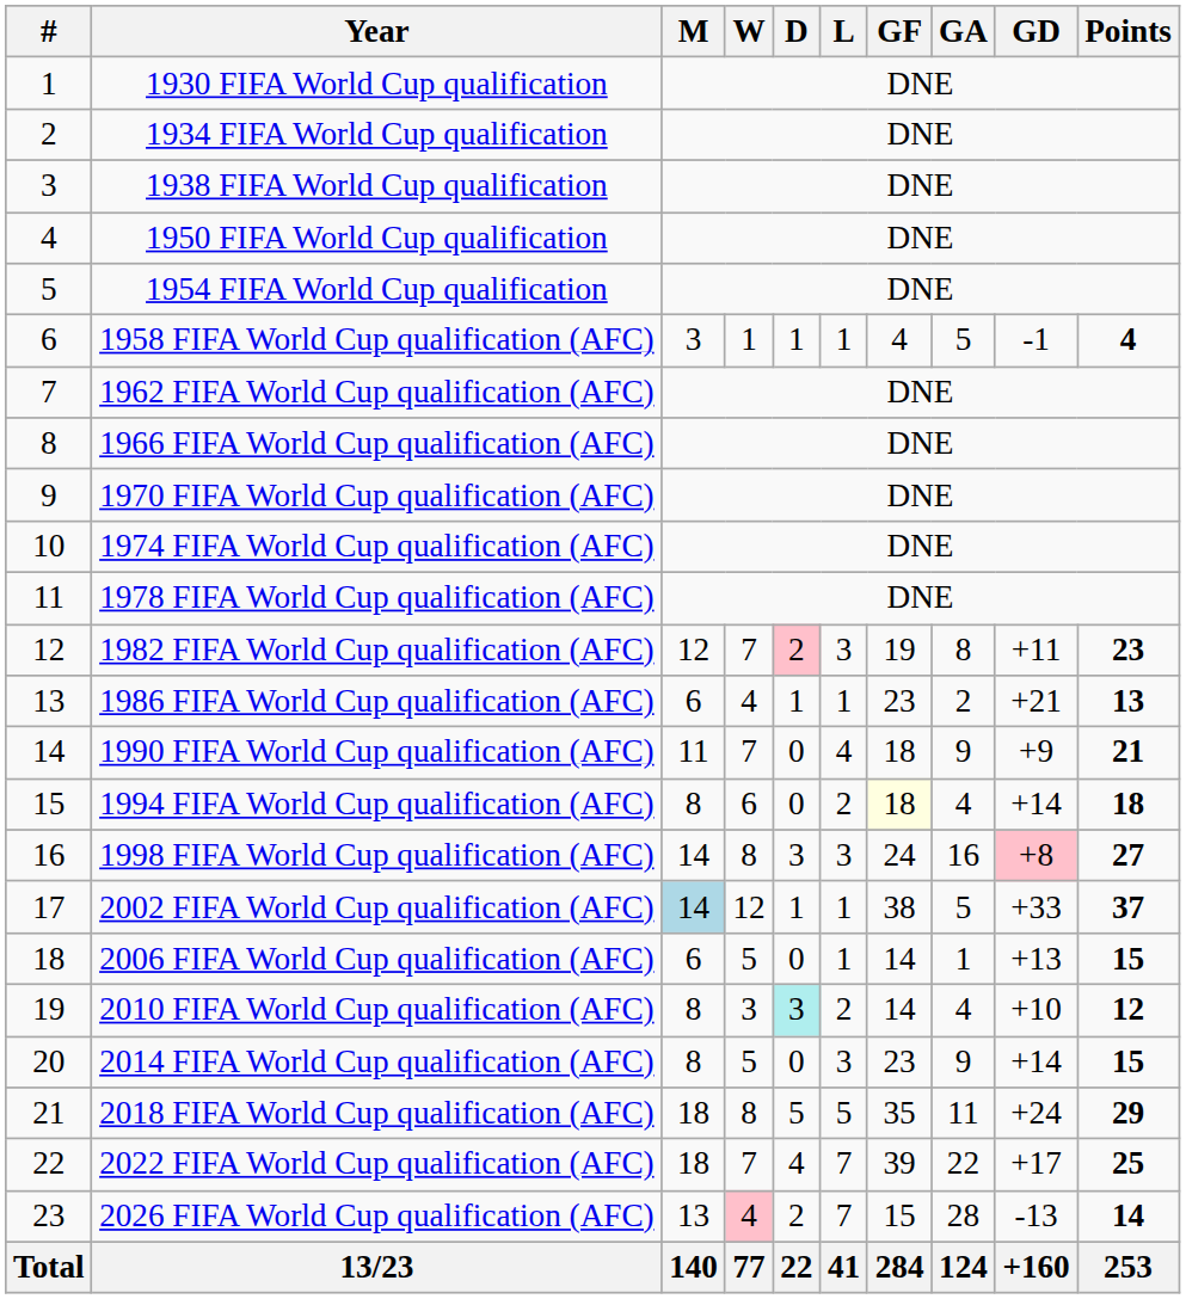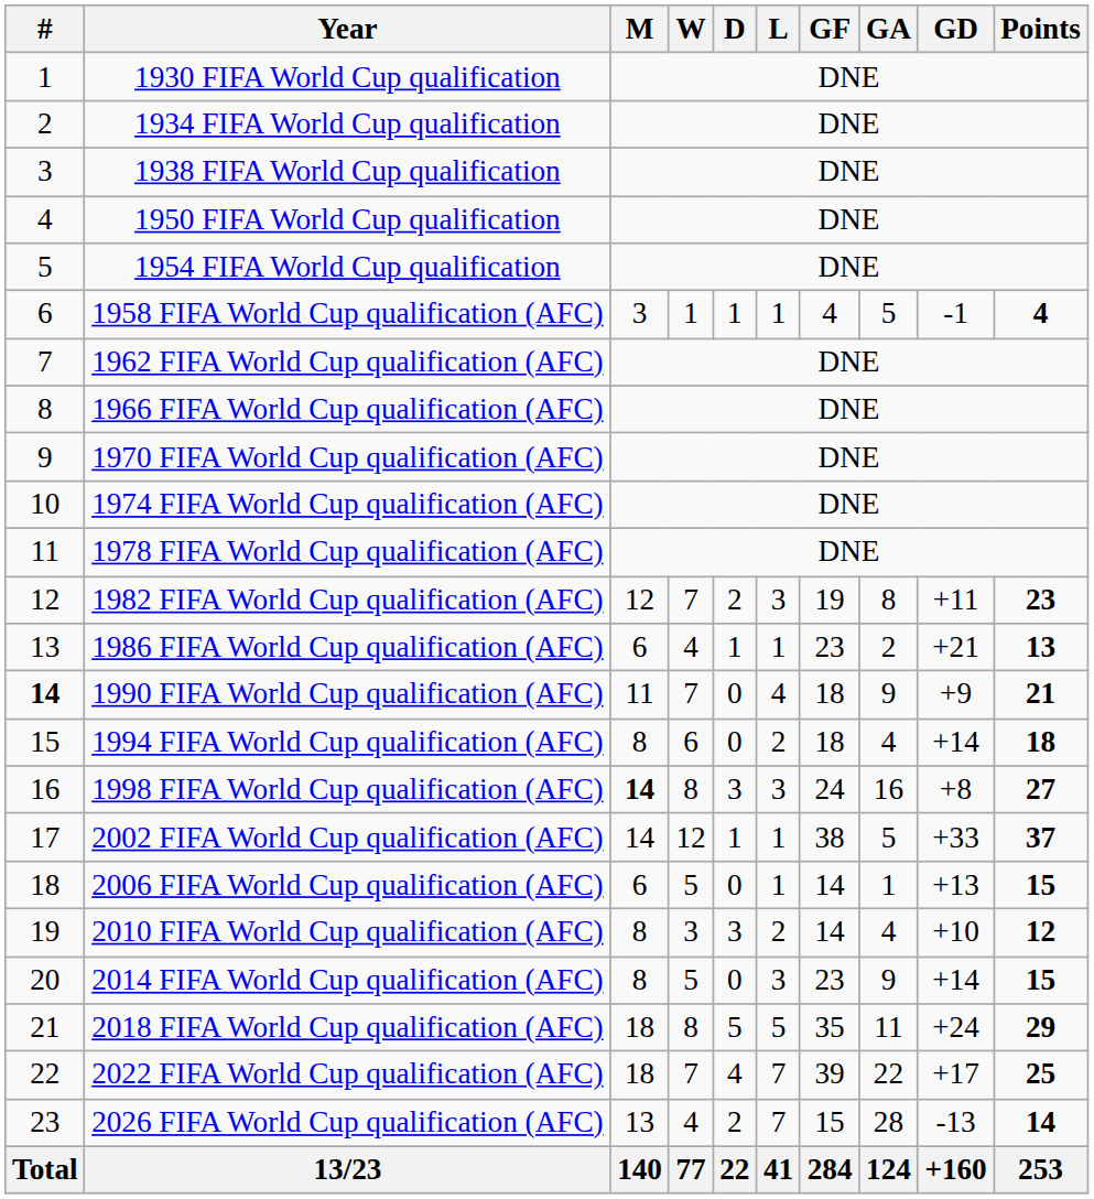 <table class="wikitable sortable" style="text-align:center">
 <tr>
 <th>#</th>
 <th>Year</th>
 <th>M</th>
 <th>W</th>
 <th>D</th>
 <th>L</th>
 <th>GF</th>
 <th>GA</th>
 <th>GD</th>
 <th>Points</th>
 </tr>
 <tr>
 <td>1</td>
 <td><a href='#'>1930 FIFA World Cup qualification</a></td>
 <td colspan=8>DNE</td>
 </tr>
 <tr>
 <td>2</td>
 <td><a href='#'>1934 FIFA World Cup qualification</a></td>
 <td colspan=8>DNE</td>
 </tr>
 <tr>
 <td>3</td>
 <td><a href='#'>1938 FIFA World Cup qualification</a></td>
 <td colspan=8>DNE</td>
 </tr>
 <tr>
 <td>4</td>
 <td><a href='#'>1950 FIFA World Cup qualification</a></td>
 <td colspan=8>DNE</td>
 </tr>
 <tr>
 <td>5</td>
 <td><a href='#'>1954 FIFA World Cup qualification</a></td>
 <td colspan=8>DNE</td>
 </tr>
 <tr>
 <td>6</td>
 <td><a href='#'>1958 FIFA World Cup qualification (AFC)</a></td>
 <td>3</td>
 <td>1</td>
 <td>1</td>
 <td>1</td>
 <td>4</td>
 <td>5</td>
 <td>-1</td>
 <td><strong>4</strong></td>
 </tr>
 <tr>
 <td>7</td>
 <td><a href='#'>1962 FIFA World Cup qualification (AFC)</a></td>
 <td colspan=8>DNE</td>
 </tr>
 <tr>
 <td>8</td>
 <td><a href='#'>1966 FIFA World Cup qualification (AFC)</a></td>
 <td colspan=8>DNE</td>
 </tr>
 <tr>
 <td>9</td>
 <td><a href='#'>1970 FIFA World Cup qualification (AFC)</a></td>
 <td colspan=8>DNE</td>
 </tr>
 <tr>
 <td>10</td>
 <td><a href='#'>1974 FIFA World Cup qualification (AFC)</a></td>
 <td colspan=8>DNE</td>
 </tr>
 <tr>
 <td>11</td>
 <td><a href='#'>1978 FIFA World Cup qualification (AFC)</a></td>
 <td colspan=8>DNE</td>
 </tr>
 <tr>
 <td>12</td>
 <td><a href='#'>1982 FIFA World Cup qualification (AFC)</a></td>
 <td>12</td>
 <td>7</td>
-<td style="background: pink;">2</td>
+<td>2</td>
 <td>3</td>
 <td>19</td>
 <td>8</td>
 <td>+11</td>
 <td><strong>23</strong></td>
 </tr>
 <tr>
 <td>13</td>
 <td><a href='#'>1986 FIFA World Cup qualification (AFC)</a></td>
 <td>6</td>
 <td>4</td>
 <td>1</td>
 <td>1</td>
 <td>23</td>
 <td>2</td>
 <td>+21</td>
 <td><strong>13</strong></td>
 </tr>
 <tr>
-<td>14</td>
+<td><strong>14</strong></td>
 <td><a href='#'>1990 FIFA World Cup qualification (AFC)</a></td>
 <td>11</td>
 <td>7</td>
 <td>0</td>
 <td>4</td>
 <td>18</td>
 <td>9</td>
 <td>+9</td>
 <td><strong>21</strong></td>
 </tr>
 <tr>
 <td>15</td>
 <td><a href='#'>1994 FIFA World Cup qualification (AFC)</a></td>
 <td>8</td>
 <td>6</td>
 <td>0</td>
 <td>2</td>
-<td style="background: lightyellow;">18</td>
+<td>18</td>
 <td>4</td>
 <td>+14</td>
 <td><strong>18</strong></td>
 </tr>
 <tr>
 <td>16</td>
 <td><a href='#'>1998 FIFA World Cup qualification (AFC)</a></td>
-<td>14</td>
+<td><strong>14</strong></td>
 <td>8</td>
 <td>3</td>
 <td>3</td>
 <td>24</td>
 <td>16</td>
-<td style="background: pink;">+8</td>
+<td>+8</td>
 <td><strong>27</strong></td>
 </tr>
 <tr>
 <td>17</td>
 <td><a href='#'>2002 FIFA World Cup qualification (AFC)</a></td>
-<td style="background: lightblue;">14</td>
+<td>14</td>
 <td>12</td>
 <td>1</td>
 <td>1</td>
 <td>38</td>
 <td>5</td>
 <td>+33</td>
 <td><strong>37</strong></td>
 </tr>
 <tr>
 <td>18</td>
 <td><a href='#'>2006 FIFA World Cup qualification (AFC)</a></td>
 <td>6</td>
 <td>5</td>
 <td>0</td>
 <td>1</td>
 <td>14</td>
 <td>1</td>
 <td>+13</td>
 <td><strong>15</strong></td>
 </tr>
 <tr>
 <td>19</td>
 <td><a href='#'>2010 FIFA World Cup qualification (AFC)</a></td>
 <td>8</td>
 <td>3</td>
-<td style="background: paleturquoise;">3</td>
+<td>3</td>
 <td>2</td>
 <td>14</td>
 <td>4</td>
 <td>+10</td>
 <td><strong>12</strong></td>
 </tr>
 <tr>
 <td>20</td>
 <td><a href='#'>2014 FIFA World Cup qualification (AFC)</a></td>
 <td>8</td>
 <td>5</td>
 <td>0</td>
 <td>3</td>
 <td>23</td>
 <td>9</td>
 <td>+14</td>
 <td><strong>15</strong></td>
 </tr>
 <tr>
 <td>21</td>
 <td><a href='#'>2018 FIFA World Cup qualification (AFC)</a></td>
 <td>18</td>
 <td>8</td>
 <td>5</td>
 <td>5</td>
 <td>35</td>
 <td>11</td>
 <td>+24</td>
 <td><strong>29</strong></td>
 </tr>
 <tr>
 <td>22</td>
 <td><a href='#'>2022 FIFA World Cup qualification (AFC)</a></td>
 <td>18</td>
 <td>7</td>
 <td>4</td>
 <td>7</td>
 <td>39</td>
 <td>22</td>
 <td>+17</td>
 <td><strong>25</strong></td>
 </tr>
 <tr>
 <td>23</td>
 <td><a href='#'>2026 FIFA World Cup qualification (AFC)</a></td>
 <td>13</td>
-<td style="background: pink;">4</td>
+<td>4</td>
 <td>2</td>
 <td>7</td>
 <td>15</td>
 <td>28</td>
 <td>-13</td>
 <td><strong>14</strong></td>
 </tr>
 <tr>
 <th><strong>Total</strong></th>
 <th>13/23</th>
 <th>140</th>
 <th>77</th>
 <th>22</th>
 <th>41</th>
 <th>284</th>
 <th>124</th>
 <th>+160</th>
 <th>253</th>
 </tr>
 </table>
